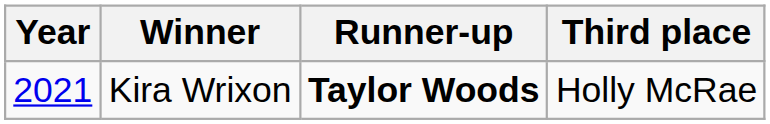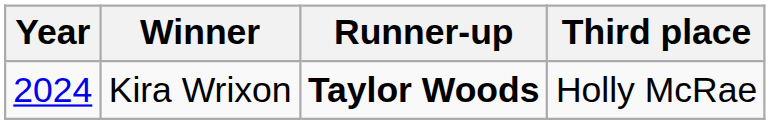 <table class="wikitable sortable" style="display: inline-table;">
 <tr>
 <th>Year</th>
 <th>Winner</th>
 <th>Runner-up</th>
 <th>Third place</th>
 </tr>
 <tr>
-<td><a href='#'>2021</a></td>
+<td><a href='#'>2024</a></td>
 <td> Kira Wrixon</td>
 <td><strong> Taylor Woods</strong></td>
 <td> Holly McRae</td>
 </tr>
 </table>
